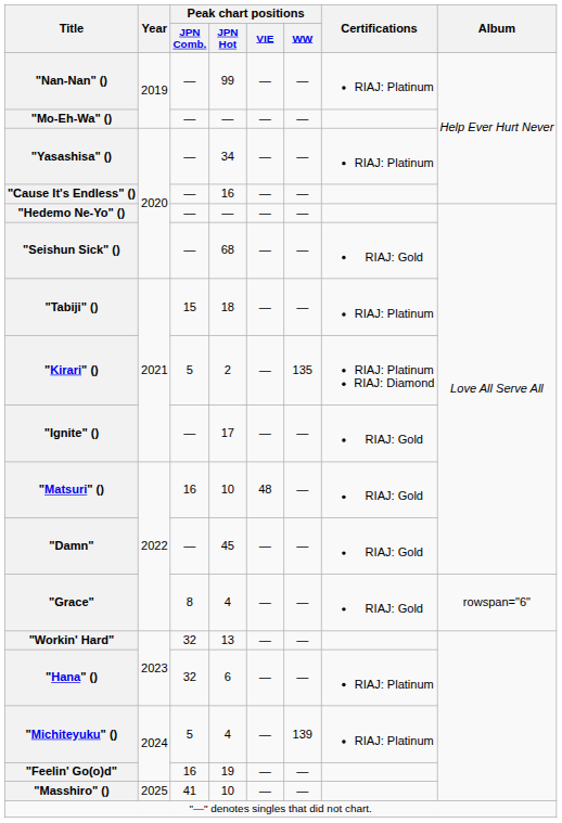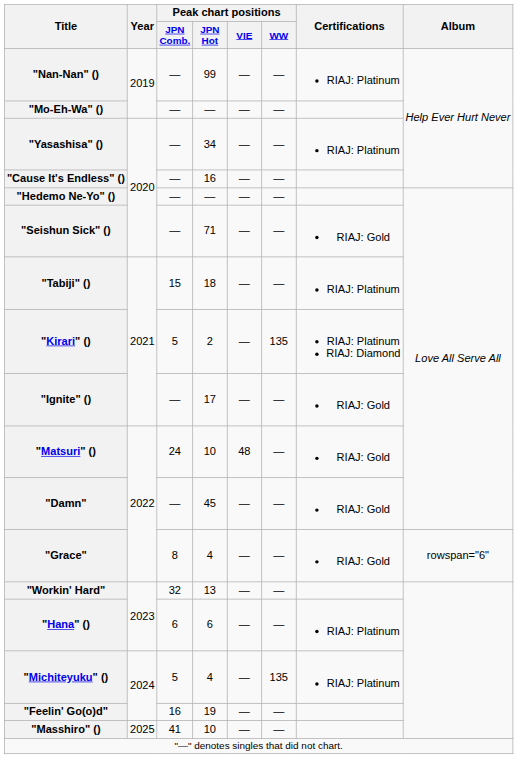 <table class="wikitable plainrowheaders" style="text-align:center;" border="1">
 <tr>
 <th scope="col" rowspan="2">Title</th>
 <th scope="col" rowspan="2">Year</th>
 <th scope="col" colspan="4">Peak chart positions</th>
 <th scope="col" rowspan="2">Certifications</th>
 <th scope="col" rowspan="2">Album</th>
 </tr>
 <tr>
 <th scope="col" style="width:3em;font-size:90%;"><a href='#'>JPN<br>Comb.</a><br></th>
 <th scope="col" style="width:3em;font-size:90%;"><a href='#'>JPN Hot</a><br></th>
 <th scope="col" style="width:3em;font-size:90%;"><a href='#'>VIE</a><br></th>
 <th scope="col" style="width:3em;font-size:90%;"><a href='#'>WW</a><br></th>
 </tr>
 <tr>
 <th scope="row">"Nan-Nan" ()</th>
 <td rowspan="2">2019</td>
 <td>—</td>
 <td>99</td>
 <td>—</td>
 <td>—</td>
 <td><br><ul><li>RIAJ: Platinum </li></ul></td>
 <td rowspan="4"><em>Help Ever Hurt Never</em></td>
 </tr>
 <tr>
 <th scope="row">"Mo-Eh-Wa" ()</th>
 <td>—</td>
 <td>—</td>
 <td>—</td>
 <td>—</td>
 <td></td>
 </tr>
 <tr>
 <th scope="row">"Yasashisa" ()</th>
 <td rowspan="4">2020</td>
 <td>—</td>
 <td>34</td>
 <td>—</td>
 <td>—</td>
 <td><br><ul><li>RIAJ: Platinum </li></ul></td>
 </tr>
 <tr>
 <th scope="row">"Cause It's Endless" ()</th>
 <td>—</td>
 <td>16</td>
 <td>—</td>
 <td>—</td>
 <td></td>
 </tr>
 <tr>
 <th scope="row">"Hedemo Ne-Yo" ()</th>
 <td>—</td>
 <td>—</td>
 <td>—</td>
 <td>—</td>
 <td></td>
 <td rowspan="7"><em>Love All Serve All</em></td>
 </tr>
 <tr>
 <th scope="row">"Seishun Sick" ()</th>
 <td>—</td>
-<td>68</td>
+<td>71</td>
 <td>—</td>
 <td>—</td>
 <td><br><ul><li>RIAJ: Gold </li></ul></td>
 </tr>
 <tr>
 <th scope="row">"Tabiji" ()</th>
 <td rowspan="3">2021</td>
 <td>15</td>
 <td>18</td>
 <td>—</td>
 <td>—</td>
 <td><br><ul><li>RIAJ: Platinum </li></ul></td>
 </tr>
 <tr>
 <th scope="row">"<a href='#'>Kirari</a>" ()</th>
 <td>5</td>
 <td>2</td>
 <td>—</td>
 <td>135</td>
 <td><br><ul><li>RIAJ: Platinum </li><li>RIAJ: Diamond </li></ul></td>
 </tr>
 <tr>
 <th scope="row">"Ignite" ()</th>
 <td>—</td>
 <td>17</td>
 <td>—</td>
 <td>—</td>
 <td><br><ul><li>RIAJ: Gold </li></ul></td>
 </tr>
 <tr>
 <th scope="row">"<a href='#'>Matsuri</a>" ()</th>
 <td rowspan="3">2022</td>
-<td>16</td>
+<td>24</td>
 <td>10</td>
 <td>48</td>
 <td>—</td>
 <td><br><ul><li>RIAJ: Gold </li></ul></td>
 </tr>
 <tr>
 <th scope="row">"Damn"</th>
 <td>—</td>
 <td>45</td>
 <td>—</td>
 <td>—</td>
 <td><br><ul><li>RIAJ: Gold </li></ul></td>
 </tr>
 <tr>
 <th scope="row">"Grace"</th>
 <td>8</td>
 <td>4</td>
 <td>—</td>
 <td>—</td>
 <td><br><ul><li>RIAJ: Gold </li></ul></td>
 <td>rowspan="6" </td>
 </tr>
 <tr>
 <th scope="row">"Workin' Hard"</th>
 <td rowspan="2">2023</td>
 <td>32</td>
 <td>13</td>
 <td>—</td>
 <td>—</td>
 <td></td>
 </tr>
 <tr>
 <th scope="row">"<a href='#'>Hana</a>" ()</th>
-<td>32</td>
+<td>6</td>
 <td>6</td>
 <td>—</td>
 <td>—</td>
 <td><br><ul><li>RIAJ: Platinum </li></ul></td>
 </tr>
 <tr>
 <th scope="row">"<a href='#'>Michiteyuku</a>" ()</th>
 <td rowspan="2">2024</td>
 <td>5</td>
 <td>4</td>
 <td>—</td>
-<td>139</td>
+<td>135</td>
 <td><br><ul><li>RIAJ: Platinum </li></ul></td>
 </tr>
 <tr>
 <th scope="row">"Feelin' Go(o)d"</th>
 <td>16</td>
 <td>19</td>
 <td>—</td>
 <td>—</td>
 <td></td>
 </tr>
 <tr>
 <th scope="row">"Masshiro" ()</th>
 <td>2025</td>
 <td>41</td>
 <td>10</td>
 <td>—</td>
 <td>—</td>
 <td></td>
 </tr>
 <tr>
 <td colspan="8" style="font-size:90%">"—" denotes singles that did not chart.</td>
 </tr>
 </table>
